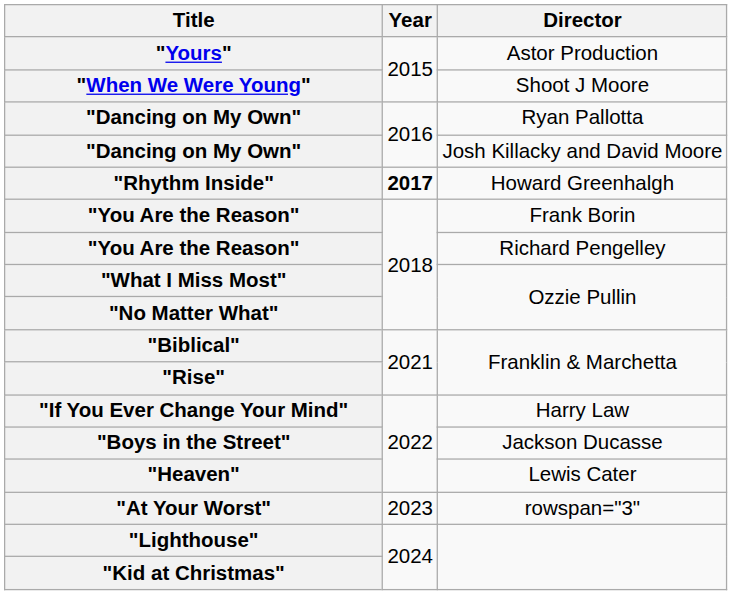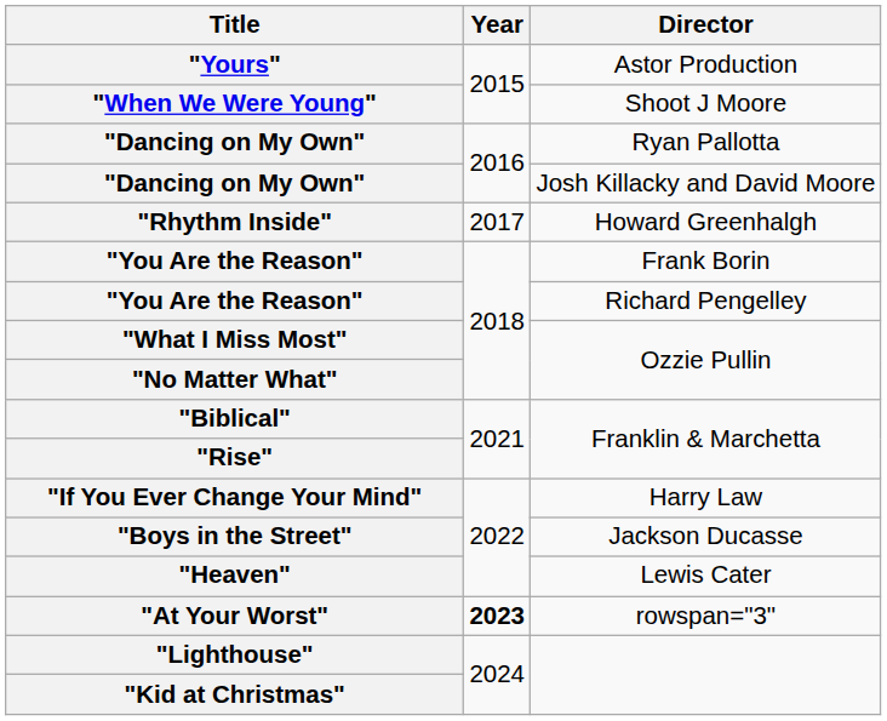 <table class="wikitable plainrowheaders" style=text-align:center>
 <tr>
 <th scope="col" style="width:18em;">Title</th>
 <th scope="col">Year</th>
 <th scope="col">Director</th>
 </tr>
 <tr>
 <th scope="row">"<a href='#'>Yours</a>"</th>
 <td rowspan="2">2015</td>
 <td>Astor Production</td>
 </tr>
 <tr>
 <th scope="row">"<a href='#'>When We Were Young</a>"</th>
 <td>Shoot J Moore</td>
 </tr>
 <tr>
 <th scope="row">"Dancing on My Own"</th>
 <td rowspan=2>2016</td>
 <td>Ryan Pallotta</td>
 </tr>
 <tr>
 <th scope="row">"Dancing on My Own" </th>
 <td>Josh Killacky and David Moore</td>
 </tr>
 <tr>
 <th scope="row">"Rhythm Inside"</th>
-<td><strong>2017</strong></td>
+<td>2017</td>
 <td>Howard Greenhalgh</td>
 </tr>
 <tr>
 <th scope="row">"You Are the Reason"</th>
 <td rowspan="4">2018</td>
 <td>Frank Borin</td>
 </tr>
 <tr>
 <th scope="row">"You Are the Reason" <br> </th>
 <td>Richard Pengelley</td>
 </tr>
 <tr>
 <th scope="row">"What I Miss Most"</th>
 <td rowspan="2">Ozzie Pullin</td>
 </tr>
 <tr>
 <th scope="row">"No Matter What"</th>
 </tr>
 <tr>
 <th scope="row">"Biblical"</th>
 <td rowspan="2">2021</td>
 <td rowspan="2">Franklin & Marchetta</td>
 </tr>
 <tr>
 <th scope="row">"Rise"</th>
 </tr>
 <tr>
 <th scope="row">"If You Ever Change Your Mind"</th>
 <td rowspan=3>2022</td>
 <td>Harry Law</td>
 </tr>
 <tr>
 <th scope="row">"Boys in the Street"</th>
 <td>Jackson Ducasse</td>
 </tr>
 <tr>
 <th scope="row">"Heaven"</th>
 <td>Lewis Cater</td>
 </tr>
 <tr>
 <th scope="row">"At Your Worst"</th>
-<td>2023</td>
+<td><strong>2023</strong></td>
 <td>rowspan="3" </td>
 </tr>
 <tr>
 <th scope="row">"Lighthouse"</th>
 <td rowspan="2">2024</td>
 </tr>
 <tr>
 <th scope="row">"Kid at Christmas"</th>
 </tr>
 </table>
